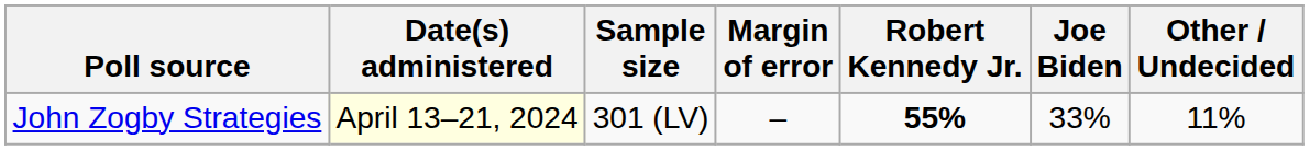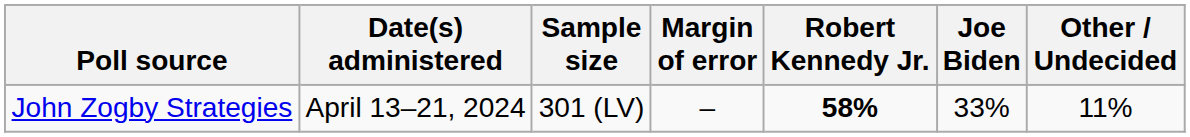 <table class="wikitable sortable mw-datatable" style="font-size:90%;text-align:center;line-height:17px">
 <tr valign=bottom>
 <th>Poll source</th>
 <th>Date(s)<br>administered</th>
 <th>Sample<br>size</th>
 <th>Margin<br>of error</th>
 <th class="unsortable">Robert<br>Kennedy Jr.<br></th>
 <th class="unsortable">Joe<br>Biden<br></th>
 <th class="unsortable">Other /<br>Undecided</th>
 </tr>
 <tr>
 <td style="text-align:left;"><a href='#'>John Zogby Strategies</a></td>
-<td data-sort-value="2024-05-01" style="background: lightyellow;">April 13–21, 2024</td>
+<td data-sort-value="2024-05-01">April 13–21, 2024</td>
 <td>301 (LV)</td>
 <td>–</td>
-<td style="background-color:"><strong>55%</strong></td>
+<td style="background-color:"><strong>58%</strong></td>
 <td>33%</td>
 <td>11%</td>
 </tr>
 </table>
